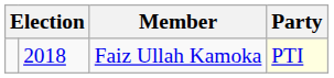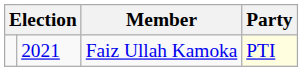 <table class="wikitable">
 <tr>
 <th colspan="2">Election</th>
 <th>Member</th>
 <th>Party</th>
 </tr>
 <tr>
 <td style="background-color: "></td>
-<td><a href='#'>2018</a></td>
+<td><a href='#'>2021</a></td>
 <td><a href='#'>Faiz Ullah Kamoka</a></td>
 <td style="background: lightyellow;"><a href='#'>PTI</a></td>
 </tr>
 </table>
